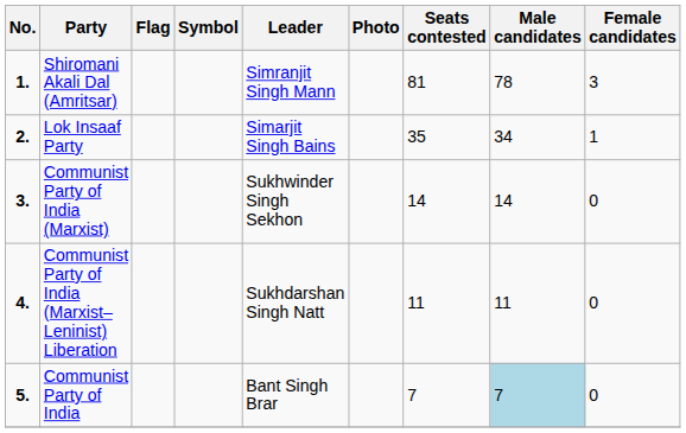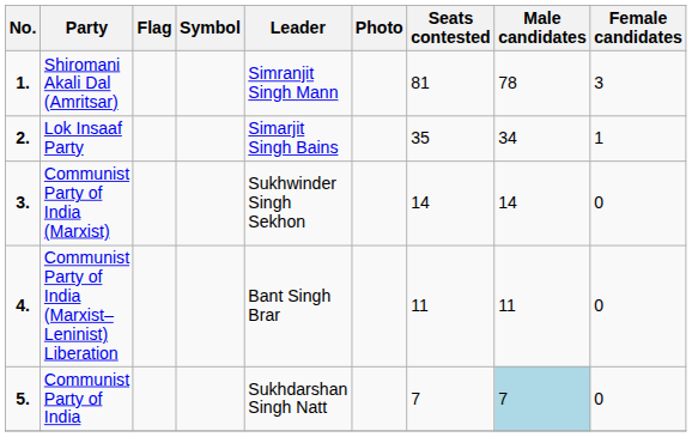 <table class="wikitable" width="50%">
 <tr>
 <th>No.</th>
 <th>Party</th>
 <th>Flag</th>
 <th>Symbol</th>
 <th>Leader</th>
 <th>Photo</th>
 <th>Seats contested</th>
 <th>Male candidates</th>
 <th>Female candidates</th>
 </tr>
 <tr>
 <td style="text-align:center; background:"><strong>1.</strong></td>
 <td><a href='#'>Shiromani Akali Dal (Amritsar)</a></td>
 <td></td>
 <td></td>
 <td><a href='#'>Simranjit Singh Mann</a></td>
 <td></td>
 <td>81</td>
 <td>78</td>
 <td>3</td>
 </tr>
 <tr>
 <td ! style="text-align:center; background:"><strong>2.</strong></td>
 <td><a href='#'>Lok Insaaf Party</a></td>
 <td></td>
 <td></td>
 <td><a href='#'>Simarjit Singh Bains</a></td>
 <td></td>
 <td>35</td>
 <td>34</td>
 <td>1</td>
 </tr>
 <tr>
 <td style="text-align:center; background:"><strong>3.</strong></td>
 <td><a href='#'>Communist Party of India (Marxist)</a></td>
 <td></td>
 <td></td>
 <td>Sukhwinder Singh Sekhon</td>
 <td></td>
 <td>14</td>
 <td>14</td>
 <td>0</td>
 </tr>
 <tr>
 <td style="text-align:center; background:"><strong>4.</strong></td>
 <td><a href='#'>Communist Party of India (Marxist–Leninist) Liberation</a></td>
 <td></td>
 <td></td>
-<td>Sukhdarshan Singh Natt</td>
+<td>Bant Singh Brar</td>
 <td></td>
 <td>11</td>
 <td>11</td>
 <td>0</td>
 </tr>
 <tr>
 <td ! style="text-align:center; background:"><strong>5.</strong></td>
 <td><a href='#'>Communist Party of India</a></td>
 <td></td>
 <td></td>
-<td>Bant Singh Brar</td>
+<td>Sukhdarshan Singh Natt</td>
 <td></td>
 <td>7</td>
 <td style="background: lightblue;">7</td>
 <td>0</td>
 </tr>
 <tr>
 </tr>
 </table>
